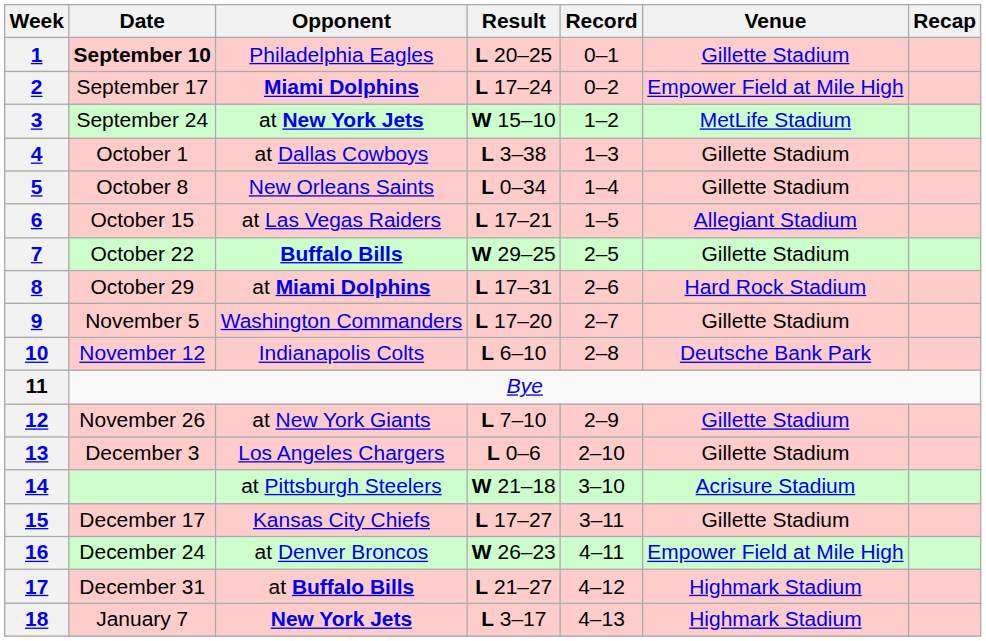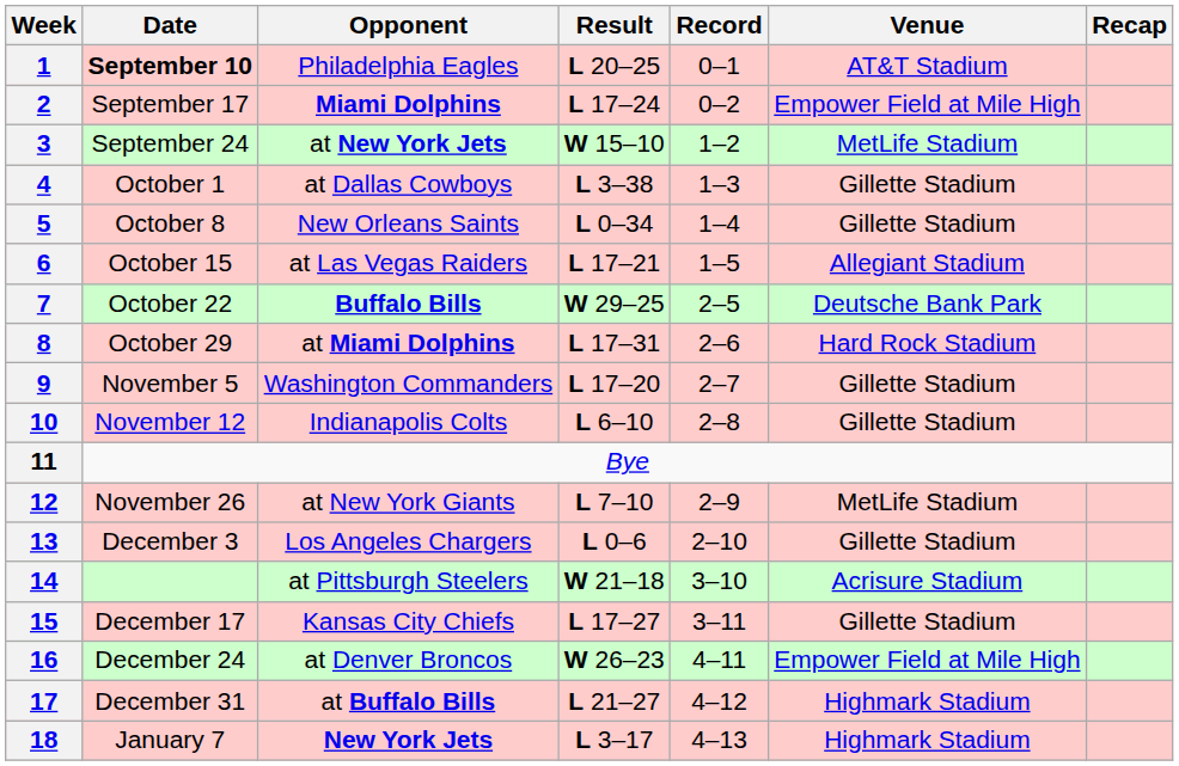 <table class="wikitable" style="text-align:center">
 <tr>
 <th>Week</th>
 <th>Date</th>
 <th>Opponent</th>
 <th>Result</th>
 <th>Record</th>
 <th>Venue</th>
 <th>Recap</th>
 </tr>
 <tr style="background:#fcc">
 <th><a href='#'>1</a></th>
 <td><strong>September 10</strong></td>
 <td><a href='#'>Philadelphia Eagles</a></td>
 <td><strong>L</strong> 20–25</td>
 <td>0–1</td>
-<td><a href='#'>Gillette Stadium</a></td>
+<td><a href='#'>AT&T Stadium</a></td>
 <td></td>
 </tr>
 <tr style="background:#fcc">
 <th><a href='#'>2</a></th>
 <td>September 17</td>
 <td><strong><a href='#'>Miami Dolphins</a></strong></td>
 <td><strong>L</strong> 17–24</td>
 <td>0–2</td>
 <td><a href='#'>Empower Field at Mile High</a></td>
 <td></td>
 </tr>
 <tr style="background:#cfc">
 <th><a href='#'>3</a></th>
 <td>September 24</td>
 <td>at <strong><a href='#'>New York Jets</a></strong></td>
 <td><strong>W</strong> 15–10</td>
 <td>1–2</td>
 <td><a href='#'>MetLife Stadium</a></td>
 <td></td>
 </tr>
 <tr style="background:#fcc">
 <th><a href='#'>4</a></th>
 <td>October 1</td>
 <td>at <a href='#'>Dallas Cowboys</a></td>
 <td><strong>L</strong> 3–38</td>
 <td>1–3</td>
 <td>Gillette Stadium</td>
 <td></td>
 </tr>
 <tr style="background:#fcc">
 <th><a href='#'>5</a></th>
 <td>October 8</td>
 <td><a href='#'>New Orleans Saints</a></td>
 <td><strong>L</strong> 0–34</td>
 <td>1–4</td>
 <td>Gillette Stadium</td>
 <td></td>
 </tr>
 <tr style="background:#fcc">
 <th><a href='#'>6</a></th>
 <td>October 15</td>
 <td>at <a href='#'>Las Vegas Raiders</a></td>
 <td><strong>L</strong> 17–21</td>
 <td>1–5</td>
 <td><a href='#'>Allegiant Stadium</a></td>
 <td></td>
 </tr>
 <tr style="background:#cfc">
 <th><a href='#'>7</a></th>
 <td>October 22</td>
 <td><strong><a href='#'>Buffalo Bills</a></strong></td>
 <td><strong>W</strong> 29–25</td>
 <td>2–5</td>
-<td>Gillette Stadium</td>
+<td> <a href='#'>Deutsche Bank Park</a> </td>
 <td></td>
 </tr>
 <tr style="background:#fcc">
 <th><a href='#'>8</a></th>
 <td>October 29</td>
 <td>at <strong><a href='#'>Miami Dolphins</a></strong></td>
 <td><strong>L</strong> 17–31</td>
 <td>2–6</td>
 <td><a href='#'>Hard Rock Stadium</a></td>
 <td></td>
 </tr>
 <tr style="background:#fcc">
 <th><a href='#'>9</a></th>
 <td>November 5</td>
 <td><a href='#'>Washington Commanders</a></td>
 <td><strong>L</strong> 17–20</td>
 <td>2–7</td>
 <td>Gillette Stadium</td>
 <td></td>
 </tr>
 <tr style="background:#fcc">
 <th><a href='#'>10</a></th>
 <td><a href='#'>November 12</a></td>
 <td><a href='#'>Indianapolis Colts</a></td>
 <td><strong>L</strong> 6–10</td>
 <td>2–8</td>
-<td> <a href='#'>Deutsche Bank Park</a> </td>
+<td>Gillette Stadium</td>
 <td></td>
 </tr>
 <tr>
 <th>11</th>
 <td colspan="6"><em><a href='#'>Bye</a></em></td>
 </tr>
 <tr style="background:#fcc">
 <th><a href='#'>12</a></th>
 <td>November 26</td>
 <td>at <a href='#'>New York Giants</a></td>
 <td><strong>L</strong> 7–10</td>
 <td>2–9</td>
-<td><a href='#'>Gillette Stadium</a></td>
+<td>MetLife Stadium</td>
 <td></td>
 </tr>
 <tr style="background:#fcc">
 <th><a href='#'>13</a></th>
 <td>December 3</td>
 <td><a href='#'>Los Angeles Chargers</a></td>
 <td><strong>L</strong> 0–6</td>
 <td>2–10</td>
 <td>Gillette Stadium</td>
 <td></td>
 </tr>
 <tr style="background:#cfc">
 <th><a href='#'>14</a></th>
 <td></td>
 <td>at <a href='#'>Pittsburgh Steelers</a></td>
 <td><strong>W</strong> 21–18</td>
 <td>3–10</td>
 <td><a href='#'>Acrisure Stadium</a></td>
 <td></td>
 </tr>
 <tr style="background:#fcc">
 <th><a href='#'>15</a></th>
 <td>December 17</td>
 <td><a href='#'>Kansas City Chiefs</a></td>
 <td><strong>L</strong> 17–27</td>
 <td>3–11</td>
 <td>Gillette Stadium</td>
 <td></td>
 </tr>
 <tr style="background:#cfc">
 <th><a href='#'>16</a></th>
 <td>December 24</td>
 <td>at <a href='#'>Denver Broncos</a></td>
 <td><strong>W</strong> 26–23</td>
 <td>4–11</td>
 <td><a href='#'>Empower Field at Mile High</a></td>
 <td></td>
 </tr>
 <tr style="background:#fcc">
 <th><a href='#'>17</a></th>
 <td>December 31</td>
 <td>at <strong><a href='#'>Buffalo Bills</a></strong></td>
 <td><strong>L</strong> 21–27</td>
 <td>4–12</td>
 <td><a href='#'>Highmark Stadium</a></td>
 <td></td>
 </tr>
 <tr style="background:#fcc">
 <th><a href='#'>18</a></th>
 <td>January 7</td>
 <td><strong><a href='#'>New York Jets</a></strong></td>
 <td><strong>L</strong> 3–17</td>
 <td>4–13</td>
 <td><a href='#'>Highmark Stadium</a></td>
 <td></td>
 </tr>
 </table>
